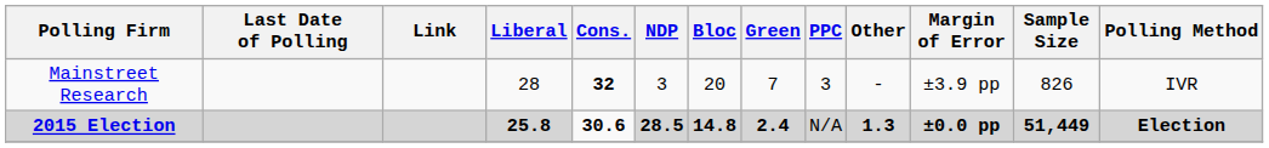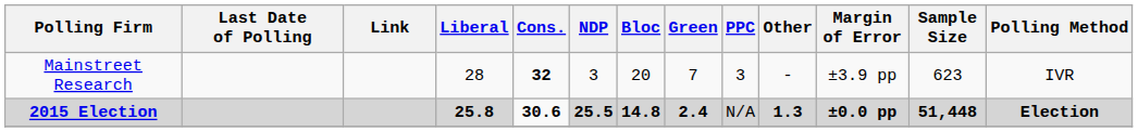 <table class="wikitable sortable" style="text-align:center;font-size:90%;line-height:14px;">
 <tr style="background:#e9e9e9;">
 <th style="width:120px">Polling Firm</th>
 <th style="width:110px">Last Date<br>of Polling</th>
 <th style="width:60px" class="unsortable">Link</th>
 <th style="background-color:"><strong><a href='#'>Liberal</a></strong></th>
 <th style="background-color:"><strong><a href='#'>Cons.</a></strong></th>
 <th style="background-color:"><strong><a href='#'>NDP</a></strong></th>
 <th style="background-color:"><strong><a href='#'>Bloc</a></strong></th>
 <th style="background-color:"><strong><a href='#'>Green</a></strong></th>
 <th style="background-color:"><strong><a href='#'>PPC</a></strong></th>
 <th style="background-color:"><strong>Other</strong></th>
 <th style="width:60px;" class=unsortable>Margin<br>of Error</th>
 <th style="width:50px;" class=unsortable>Sample<br>Size</th>
 <th class=unsortable>Polling Method</th>
 </tr>
 <tr>
 <td><a href='#'>Mainstreet Research</a></td>
 <td></td>
 <td></td>
 <td>28</td>
 <td><strong>32</strong></td>
 <td>3</td>
 <td>20</td>
 <td>7</td>
 <td>3</td>
 <td>-</td>
 <td>±3.9 pp</td>
-<td>826</td>
+<td>623</td>
 <td>IVR</td>
 </tr>
 <tr>
 <td style="background:#D5D5D5"><strong><a href='#'>2015 Election</a></strong></td>
 <td style="background:#D5D5D5"><strong></strong></td>
 <td style="background:#D5D5D5"></td>
 <td style="background:#D5D5D5"><strong>25.8</strong></td>
 <td><strong>30.6</strong></td>
-<td style="background:#D5D5D5"><strong>28.5</strong></td>
+<td style="background:#D5D5D5"><strong>25.5</strong></td>
 <td style="background:#D5D5D5"><strong>14.8</strong></td>
 <td style="background:#D5D5D5"><strong>2.4</strong></td>
 <td style="background:#D5D5D5">N/A</td>
 <td style="background:#D5D5D5"><strong>1.3</strong></td>
 <td style="background:#D5D5D5"><strong>±0.0 pp</strong></td>
-<td style="background:#D5D5D5"><strong>51,449</strong></td>
+<td style="background:#D5D5D5"><strong>51,448</strong></td>
 <td style="background:#D5D5D5"><strong>Election</strong></td>
 </tr>
 <tr>
 </tr>
 <tr>
 </tr>
 </table>
